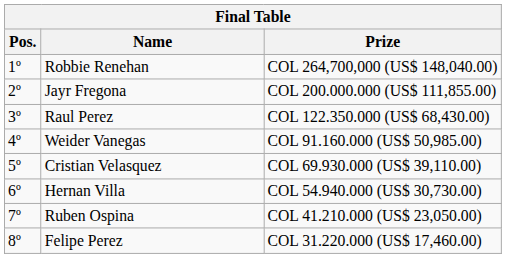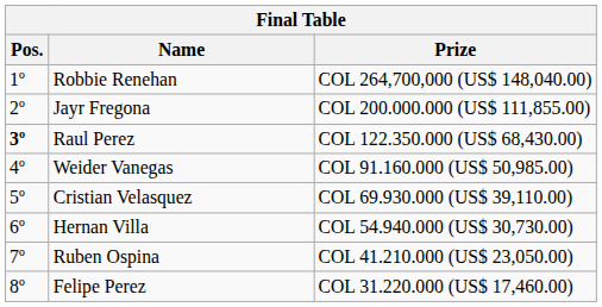 <table class="wikitable">
 <tr>
 <th colspan="3">Final Table</th>
 </tr>
 <tr>
 <th width="30">Pos.</th>
 <th width="220">Name</th>
 <th width="235">Prize</th>
 </tr>
 <tr>
 <td>1º</td>
 <td> Robbie Renehan</td>
 <td>COL 264,700,000 (US$ 148,040.00)</td>
 </tr>
 <tr>
 <td>2º</td>
 <td> Jayr Fregona</td>
 <td>COL 200.000.000 (US$ 111,855.00)</td>
 </tr>
 <tr>
-<td>3º</td>
+<td><strong>3º</strong></td>
 <td> Raul Perez</td>
 <td>COL 122.350.000 (US$ 68,430.00)</td>
 </tr>
 <tr>
 <td>4º</td>
 <td> Weider Vanegas</td>
 <td>COL 91.160.000 (US$ 50,985.00)</td>
 </tr>
 <tr>
 <td>5º</td>
 <td> Cristian Velasquez</td>
 <td>COL 69.930.000 (US$ 39,110.00)</td>
 </tr>
 <tr>
 <td>6º</td>
 <td> Hernan Villa</td>
 <td>COL 54.940.000 (US$ 30,730.00)</td>
 </tr>
 <tr>
 <td>7º</td>
 <td> Ruben Ospina</td>
 <td>COL 41.210.000 (US$ 23,050.00)</td>
 </tr>
 <tr>
 <td>8º</td>
 <td> Felipe Perez</td>
 <td>COL 31.220.000 (US$ 17,460.00)</td>
 </tr>
 </table>
